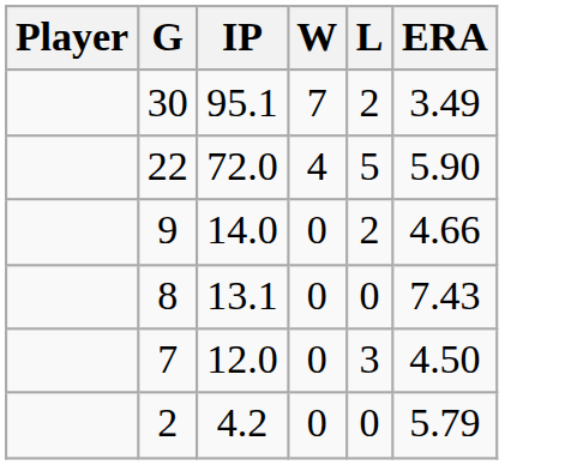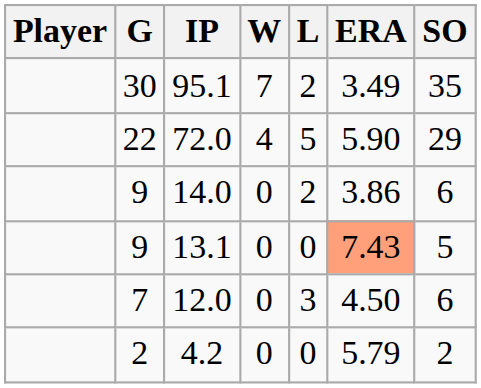 <table class="wikitable sortable" style="text-align:center;">
 <tr>
 <th>Player</th>
 <th>G</th>
 <th>IP</th>
 <th>W</th>
 <th>L</th>
 <th>ERA</th>
+<th>SO</th>
 </tr>
 <tr>
 <td></td>
 <td>30</td>
 <td>95.1</td>
 <td>7</td>
 <td>2</td>
 <td>3.49</td>
+<td>35</td>
 </tr>
 <tr>
 <td></td>
 <td>22</td>
 <td>72.0</td>
 <td>4</td>
 <td>5</td>
 <td>5.90</td>
+<td>29</td>
 </tr>
 <tr>
 <td></td>
 <td>9</td>
 <td>14.0</td>
 <td>0</td>
 <td>2</td>
-<td>4.66</td>
+<td>3.86</td>
+<td>6</td>
 </tr>
 <tr>
 <td></td>
-<td>8</td>
+<td>9</td>
 <td>13.1</td>
 <td>0</td>
 <td>0</td>
-<td>7.43</td>
+<td style="background: lightsalmon;">7.43</td>
+<td>5</td>
 </tr>
 <tr>
 <td></td>
 <td>7</td>
 <td>12.0</td>
 <td>0</td>
 <td>3</td>
 <td>4.50</td>
+<td>6</td>
 </tr>
 <tr>
 <td></td>
 <td>2</td>
 <td>4.2</td>
 <td>0</td>
 <td>0</td>
 <td>5.79</td>
+<td>2</td>
 </tr>
 </table>
